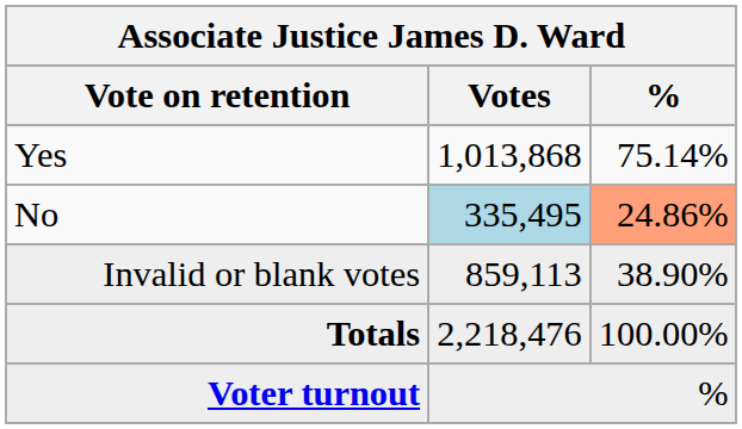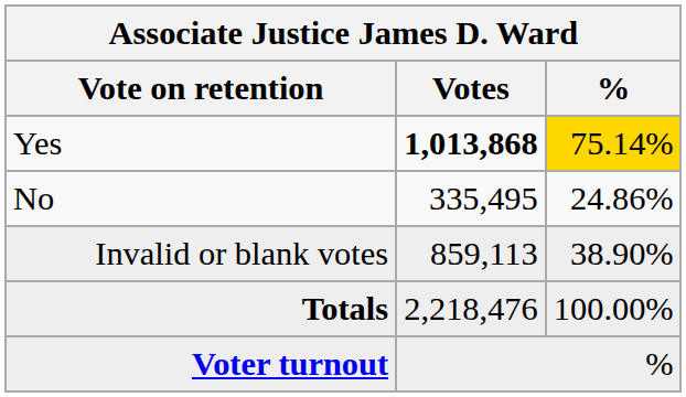 <table class="wikitable" style="font-size: 95%;">
 <tr style="background-color:#E9E9E9">
 <th colspan=7>Associate Justice James D. Ward</th>
 </tr>
 <tr style="background-color:#E9E9E9">
 <th style="width: 170px">Vote on retention</th>
 <th style="width: 50px">Votes</th>
 <th style="width: 40px">%</th>
 </tr>
 <tr>
 <td>Yes</td>
-<td align="right">1,013,868</td>
-<td align="right">75.14%</td>
+<td align="right"><strong>1,013,868</strong></td>
+<td align="right" style="background: gold;">75.14%</td>
 </tr>
 <tr>
 <td>No</td>
-<td align="right" style="background: lightblue;">335,495</td>
-<td align="right" style="background: lightsalmon;">24.86%</td>
+<td align="right">335,495</td>
+<td align="right">24.86%</td>
 </tr>
 <tr style="background-color:#EEEEEE">
 <td align="right">Invalid or blank votes</td>
 <td align="right">859,113</td>
 <td align="right">38.90%</td>
 </tr>
 <tr style="background-color:#EEEEEE">
 <td colspan="1" align="right"><strong>Totals</strong></td>
 <td align="right">2,218,476</td>
 <td align="right">100.00%</td>
 </tr>
 <tr style="background-color:#EEEEEE">
 <td align="right"><strong><a href='#'>Voter turnout</a></strong></td>
 <td colspan="2" align="right">%</td>
 </tr>
 </table>
